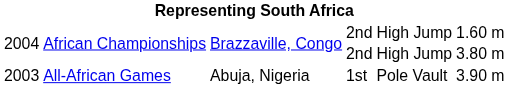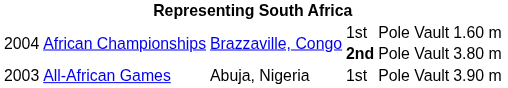 <table>
 <tr>
 <th colspan="6">Representing South Africa</th>
 </tr>
 <tr>
 <td rowspan=2>2004</td>
 <td rowspan=2><a href='#'>African Championships</a></td>
 <td rowspan=2><a href='#'>Brazzaville, Congo</a></td>
-<td>2nd</td>
-<td>High Jump</td>
+<td>1st</td>
+<td>Pole Vault</td>
 <td>1.60 m</td>
 </tr>
 <tr>
-<td>2nd</td>
-<td>High Jump</td>
+<td><strong>2nd</strong></td>
+<td>Pole Vault</td>
 <td>3.80 m</td>
 </tr>
 <tr>
 <td rowspan=4>2003</td>
 <td rowspan=2><a href='#'>All-African Games</a></td>
 <td rowspan=2>Abuja, Nigeria</td>
 <td>1st</td>
 <td>Pole Vault</td>
 <td>3.90 m</td>
 </tr>
 </table>
